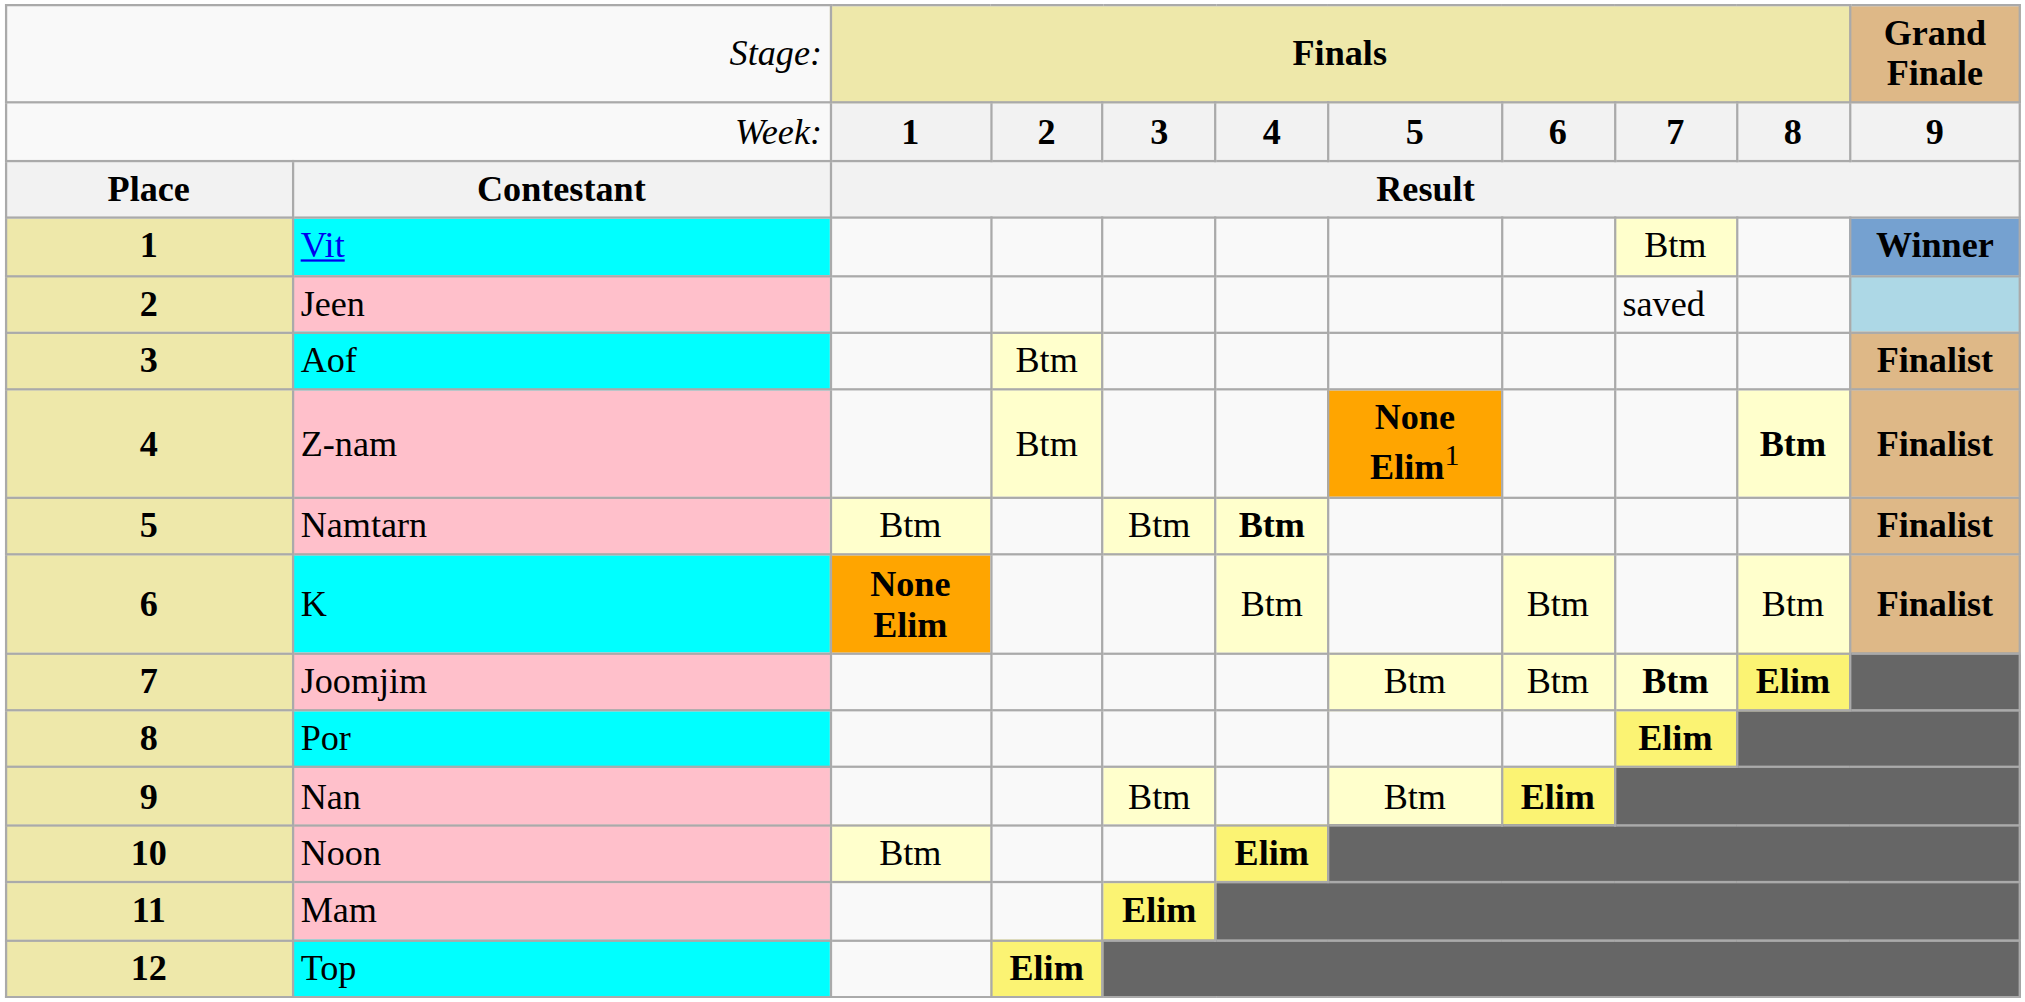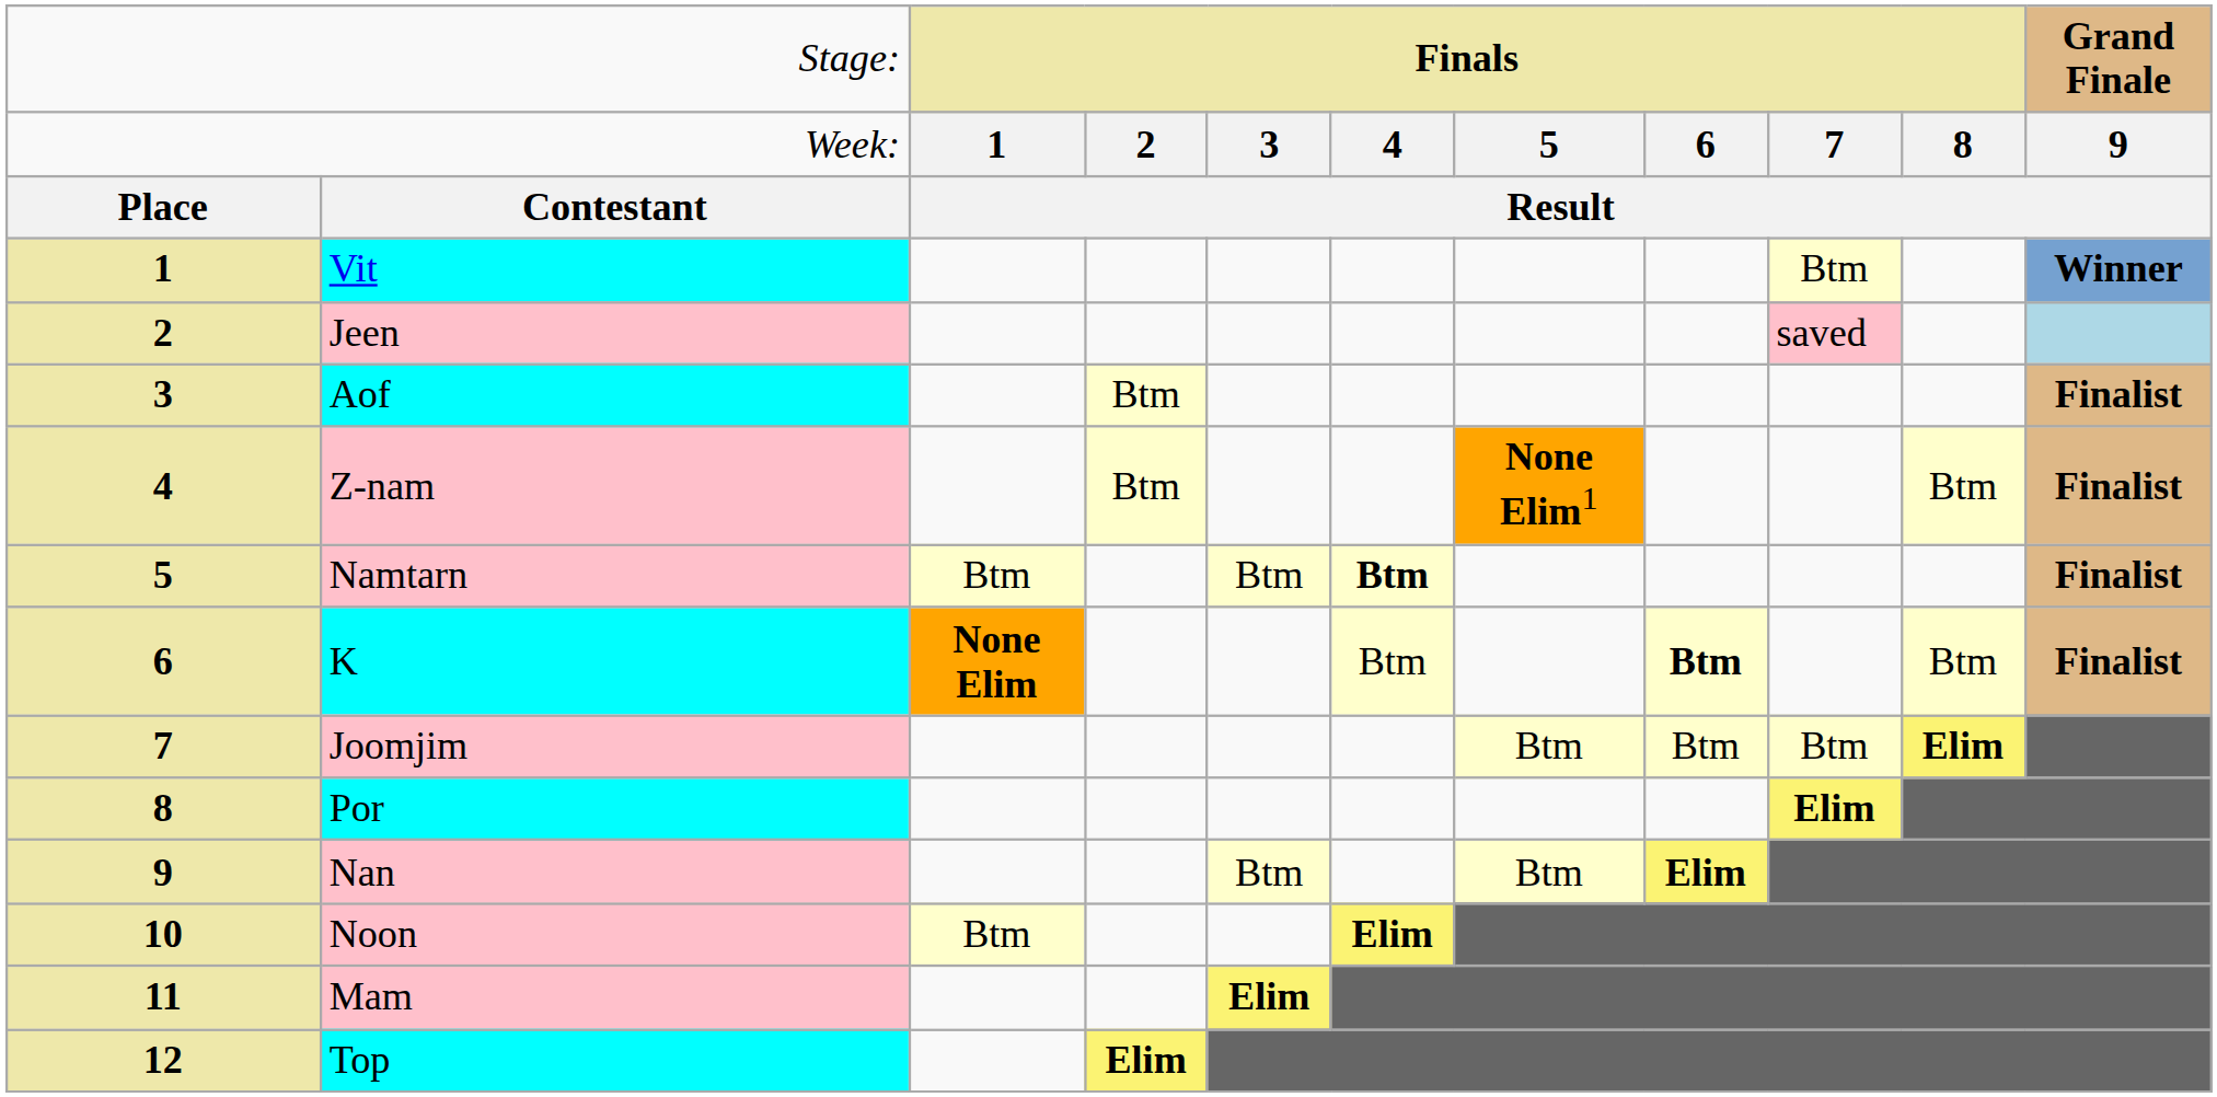 <table class="wikitable" width=45% style="margin:1em auto;">
 <tr>
 <td width=30% colspan="2" align="right"><em>Stage:</em></td>
 <td width=30% colspan="8" bgcolor="palegoldenrod" align="Center"><strong>Finals</strong></td>
 <td width=5% colspan="1" bgcolor="#DEB887" align="Center"><strong>Grand Finale</strong></td>
 </tr>
 <tr>
 <td colspan="2" align="right"><em>Week:</em></td>
 <th>1</th>
 <th>2</th>
 <th>3</th>
 <th>4</th>
 <th>5</th>
 <th>6</th>
 <th>7</th>
 <th>8</th>
 <th>9</th>
 </tr>
 <tr>
 <th>Place</th>
 <th>Contestant</th>
 <th colspan="9" align="center">Result</th>
 </tr>
 <tr>
 <td align="center"  bgcolor="palegoldenrod"><strong>1</strong></td>
 <td bgcolor="cyan"><a href='#'>Vit</a></td>
 <td></td>
 <td></td>
 <td></td>
 <td></td>
 <td></td>
 <td></td>
 <td bgcolor="#FFFFCC" align="center">Btm</td>
 <td></td>
 <td style="background-color:#75A1D0;" align="center"><strong>Winner</strong></td>
 </tr>
 <tr>
 <td align="center"  bgcolor="palegoldenrod"><strong>2</strong></td>
 <td bgcolor="pink">Jeen</td>
 <td></td>
 <td></td>
 <td></td>
 <td></td>
 <td></td>
 <td></td>
-<td><span>saved</span></td>
+<td style="background: pink;"><span>saved</span></td>
 <td></td>
 <td bgcolor="lightblue" align="center"></td>
 </tr>
 <tr>
 <td align="center"  bgcolor="palegoldenrod"><strong>3</strong></td>
 <td bgcolor="cyan">Aof</td>
 <td></td>
 <td bgcolor="#FFFFCC" align="center">Btm</td>
 <td></td>
 <td></td>
 <td></td>
 <td></td>
 <td></td>
 <td></td>
 <td bgcolor="#DEB887" align="center"><strong>Finalist</strong></td>
 </tr>
 <tr>
 <td align="center"  bgcolor="palegoldenrod"><strong>4</strong></td>
 <td bgcolor="pink">Z-nam</td>
 <td></td>
 <td bgcolor="#FFFFCC" align="center">Btm</td>
 <td></td>
 <td></td>
 <td bgcolor="orange" align="center"><strong>None Elim</strong><sup>1</sup></td>
 <td></td>
 <td></td>
-<td bgcolor="#FFFFCC" align="center"><strong>Btm</strong></td>
+<td bgcolor="#FFFFCC" align="center">Btm</td>
 <td bgcolor="#DEB887" align="center"><strong>Finalist</strong></td>
 </tr>
 <tr>
 <td align="center"  bgcolor="palegoldenrod"><strong>5</strong></td>
 <td bgcolor="pink">Namtarn</td>
 <td bgcolor="#FFFFCC" align="center">Btm</td>
 <td></td>
 <td bgcolor="#FFFFCC" align="center">Btm</td>
 <td bgcolor="#FFFFCC" align="center"><strong>Btm</strong></td>
 <td></td>
 <td></td>
 <td></td>
 <td></td>
 <td bgcolor="#DEB887" align="center"><strong>Finalist</strong></td>
 </tr>
 <tr>
 <td align="center"  bgcolor="palegoldenrod"><strong>6</strong></td>
 <td bgcolor="cyan">K</td>
 <td bgcolor="orange" align="center"><strong>None Elim</strong></td>
 <td></td>
 <td></td>
 <td bgcolor="#FFFFCC" align="center">Btm</td>
 <td></td>
-<td bgcolor="#FFFFCC" align="center">Btm</td>
+<td bgcolor="#FFFFCC" align="center"><strong>Btm</strong></td>
 <td></td>
 <td bgcolor="#FFFFCC" align="center">Btm</td>
 <td bgcolor="#DEB887" align="center"><strong>Finalist</strong></td>
 </tr>
 <tr>
 <td align="center"  bgcolor="palegoldenrod"><strong>7</strong></td>
 <td bgcolor="pink">Joomjim</td>
 <td></td>
 <td></td>
 <td></td>
 <td></td>
 <td bgcolor="#FFFFCC" align="center">Btm</td>
 <td bgcolor="#FFFFCC" align="center">Btm</td>
-<td bgcolor="#FFFFCC" align="center"><strong>Btm</strong></td>
+<td bgcolor="#FFFFCC" align="center">Btm</td>
 <td bgcolor="FBF373" align="center"><strong>Elim</strong></td>
 <td colspan="1" bgcolor="666666"></td>
 </tr>
 <tr>
 <td align="center"  bgcolor="palegoldenrod"><strong>8</strong></td>
 <td bgcolor="cyan">Por</td>
 <td></td>
 <td></td>
 <td></td>
 <td></td>
 <td></td>
 <td></td>
 <td bgcolor="FBF373" align="center"><strong>Elim</strong></td>
 <td colspan="2" bgcolor="666666"></td>
 </tr>
 <tr>
 <td align="center"  bgcolor="palegoldenrod"><strong>9</strong></td>
 <td bgcolor="pink">Nan</td>
 <td></td>
 <td></td>
 <td bgcolor="#FFFFCC" align="center">Btm</td>
 <td></td>
 <td bgcolor="#FFFFCC" align="center">Btm</td>
 <td bgcolor="FBF373" align="center"><strong>Elim</strong></td>
 <td colspan="3" bgcolor="666666"></td>
 </tr>
 <tr>
 <td align="center"  bgcolor="palegoldenrod"><strong>10</strong></td>
 <td bgcolor="pink">Noon</td>
 <td bgcolor="#FFFFCC" align="center">Btm</td>
 <td></td>
 <td></td>
 <td bgcolor="FBF373" align="center"><strong>Elim</strong></td>
 <td colspan="5" bgcolor="666666"></td>
 </tr>
 <tr>
 <td align="center"  bgcolor="palegoldenrod"><strong>11</strong></td>
 <td bgcolor="pink">Mam</td>
 <td></td>
 <td></td>
 <td bgcolor="FBF373" align="center"><strong>Elim</strong></td>
 <td colspan="6" bgcolor="666666"></td>
 </tr>
 <tr>
 <td align="center"  bgcolor="palegoldenrod"><strong>12</strong></td>
 <td bgcolor="cyan">Top</td>
 <td></td>
 <td bgcolor="FBF373" align="center"><strong>Elim</strong></td>
 <td colspan="7" bgcolor="666666"></td>
 </tr>
 <tr>
 </tr>
 </table>
